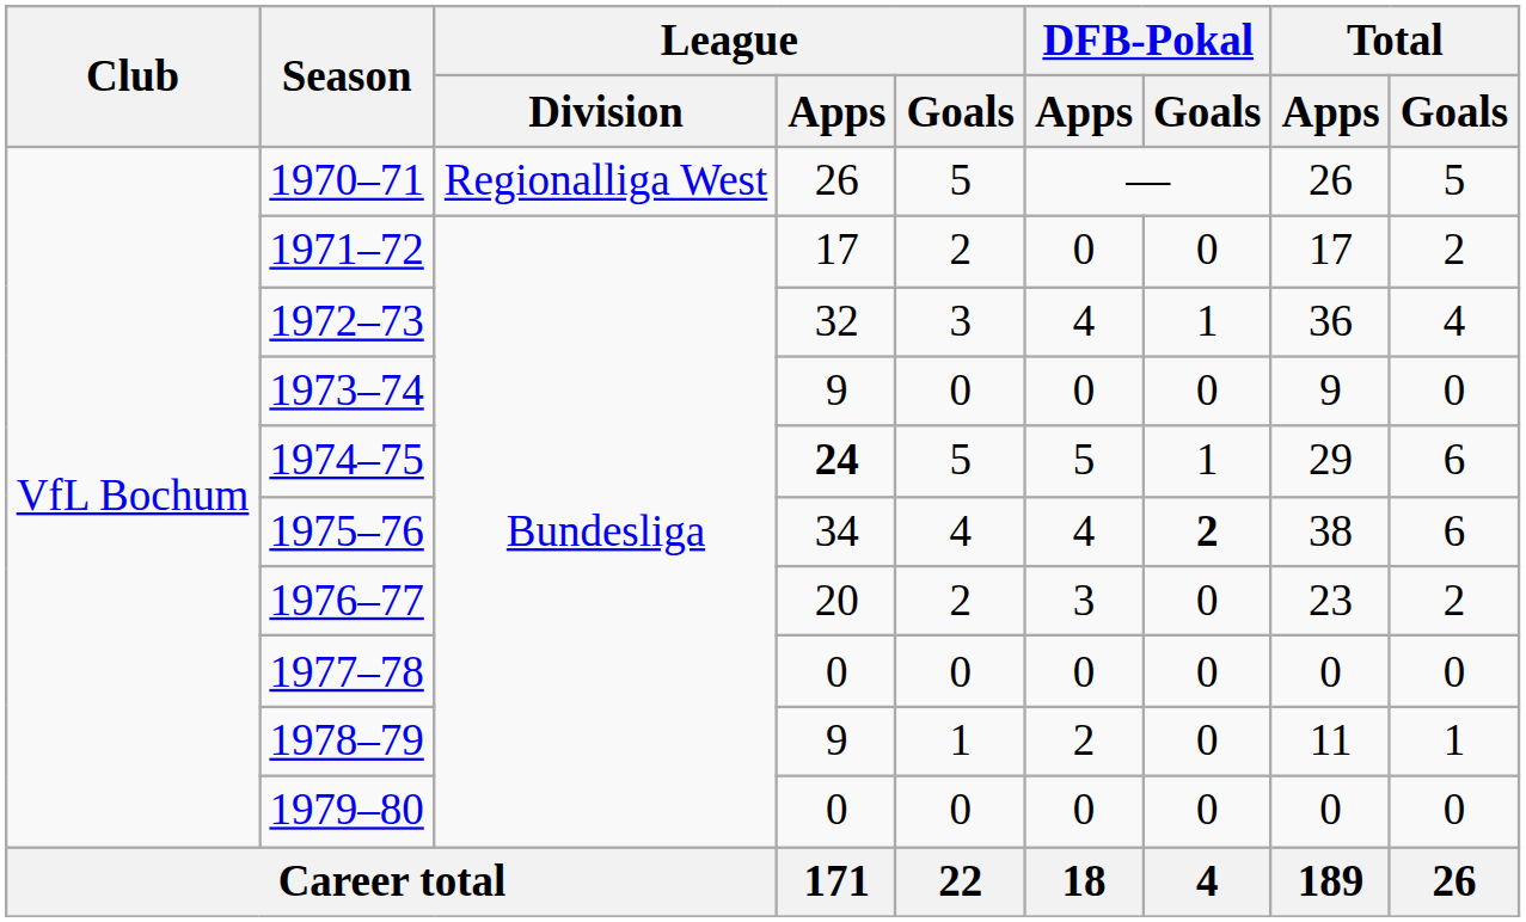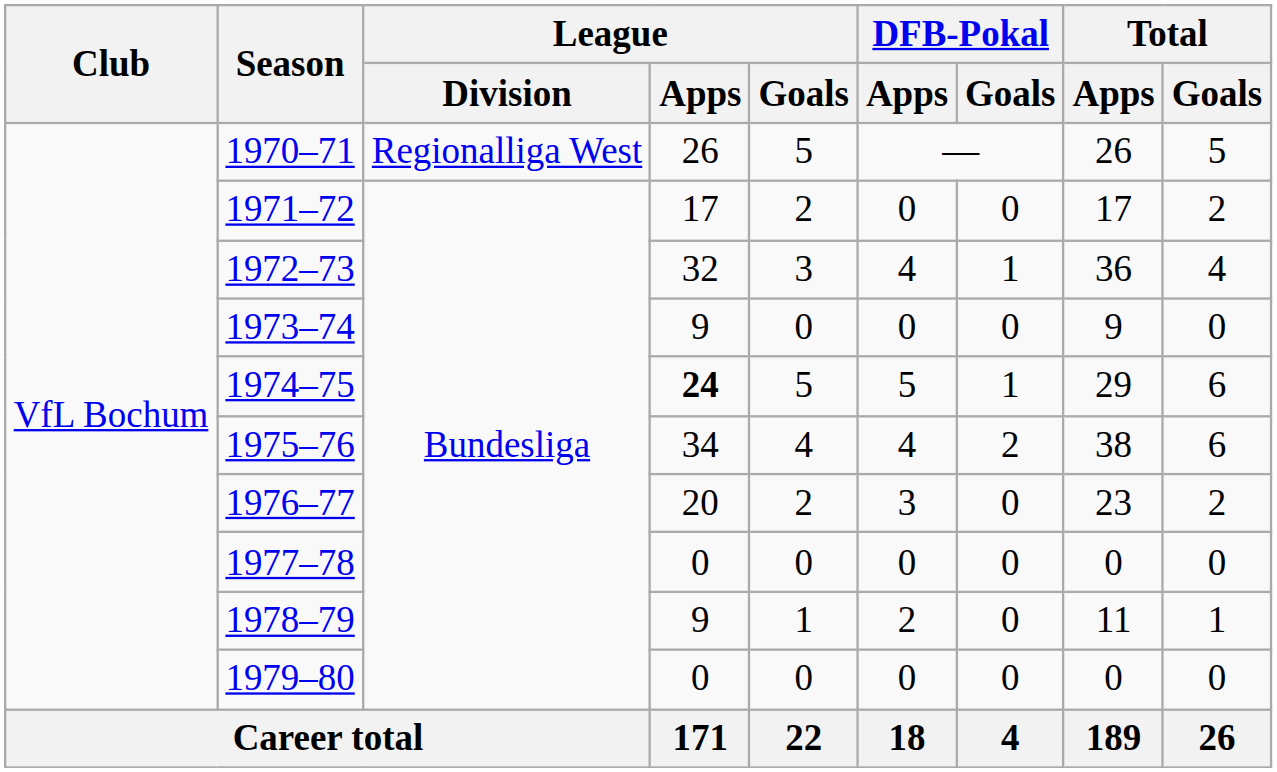 <table class="wikitable" style="text-align:center">
 <tr>
 <th rowspan="2">Club</th>
 <th rowspan="2">Season</th>
 <th colspan="3">League</th>
 <th colspan="2"><a href='#'>DFB-Pokal</a></th>
 <th colspan="2">Total</th>
 </tr>
 <tr>
 <th>Division</th>
 <th>Apps</th>
 <th>Goals</th>
 <th>Apps</th>
 <th>Goals</th>
 <th>Apps</th>
 <th>Goals</th>
 </tr>
 <tr>
 <td rowspan="10"><a href='#'>VfL Bochum</a></td>
 <td><a href='#'>1970–71</a></td>
 <td><a href='#'>Regionalliga West</a></td>
 <td>26</td>
 <td>5</td>
 <td colspan="2">—</td>
 <td>26</td>
 <td>5</td>
 </tr>
 <tr>
 <td><a href='#'>1971–72</a></td>
 <td rowspan="9"><a href='#'>Bundesliga</a></td>
 <td>17</td>
 <td>2</td>
 <td>0</td>
 <td>0</td>
 <td>17</td>
 <td>2</td>
 </tr>
 <tr>
 <td><a href='#'>1972–73</a></td>
 <td>32</td>
 <td>3</td>
 <td>4</td>
 <td>1</td>
 <td>36</td>
 <td>4</td>
 </tr>
 <tr>
 <td><a href='#'>1973–74</a></td>
 <td>9</td>
 <td>0</td>
 <td>0</td>
 <td>0</td>
 <td>9</td>
 <td>0</td>
 </tr>
 <tr>
 <td><a href='#'>1974–75</a></td>
 <td><strong>24</strong></td>
 <td>5</td>
 <td>5</td>
 <td>1</td>
 <td>29</td>
 <td>6</td>
 </tr>
 <tr>
 <td><a href='#'>1975–76</a></td>
 <td>34</td>
 <td>4</td>
 <td>4</td>
-<td><strong>2</strong></td>
+<td>2</td>
 <td>38</td>
 <td>6</td>
 </tr>
 <tr>
 <td><a href='#'>1976–77</a></td>
 <td>20</td>
 <td>2</td>
 <td>3</td>
 <td>0</td>
 <td>23</td>
 <td>2</td>
 </tr>
 <tr>
 <td><a href='#'>1977–78</a></td>
 <td>0</td>
 <td>0</td>
 <td>0</td>
 <td>0</td>
 <td>0</td>
 <td>0</td>
 </tr>
 <tr>
 <td><a href='#'>1978–79</a></td>
 <td>9</td>
 <td>1</td>
 <td>2</td>
 <td>0</td>
 <td>11</td>
 <td>1</td>
 </tr>
 <tr>
 <td><a href='#'>1979–80</a></td>
 <td>0</td>
 <td>0</td>
 <td>0</td>
 <td>0</td>
 <td>0</td>
 <td>0</td>
 </tr>
 <tr>
 <th colspan="3">Career total</th>
 <th>171</th>
 <th>22</th>
 <th>18</th>
 <th>4</th>
 <th>189</th>
 <th>26</th>
 </tr>
 </table>
